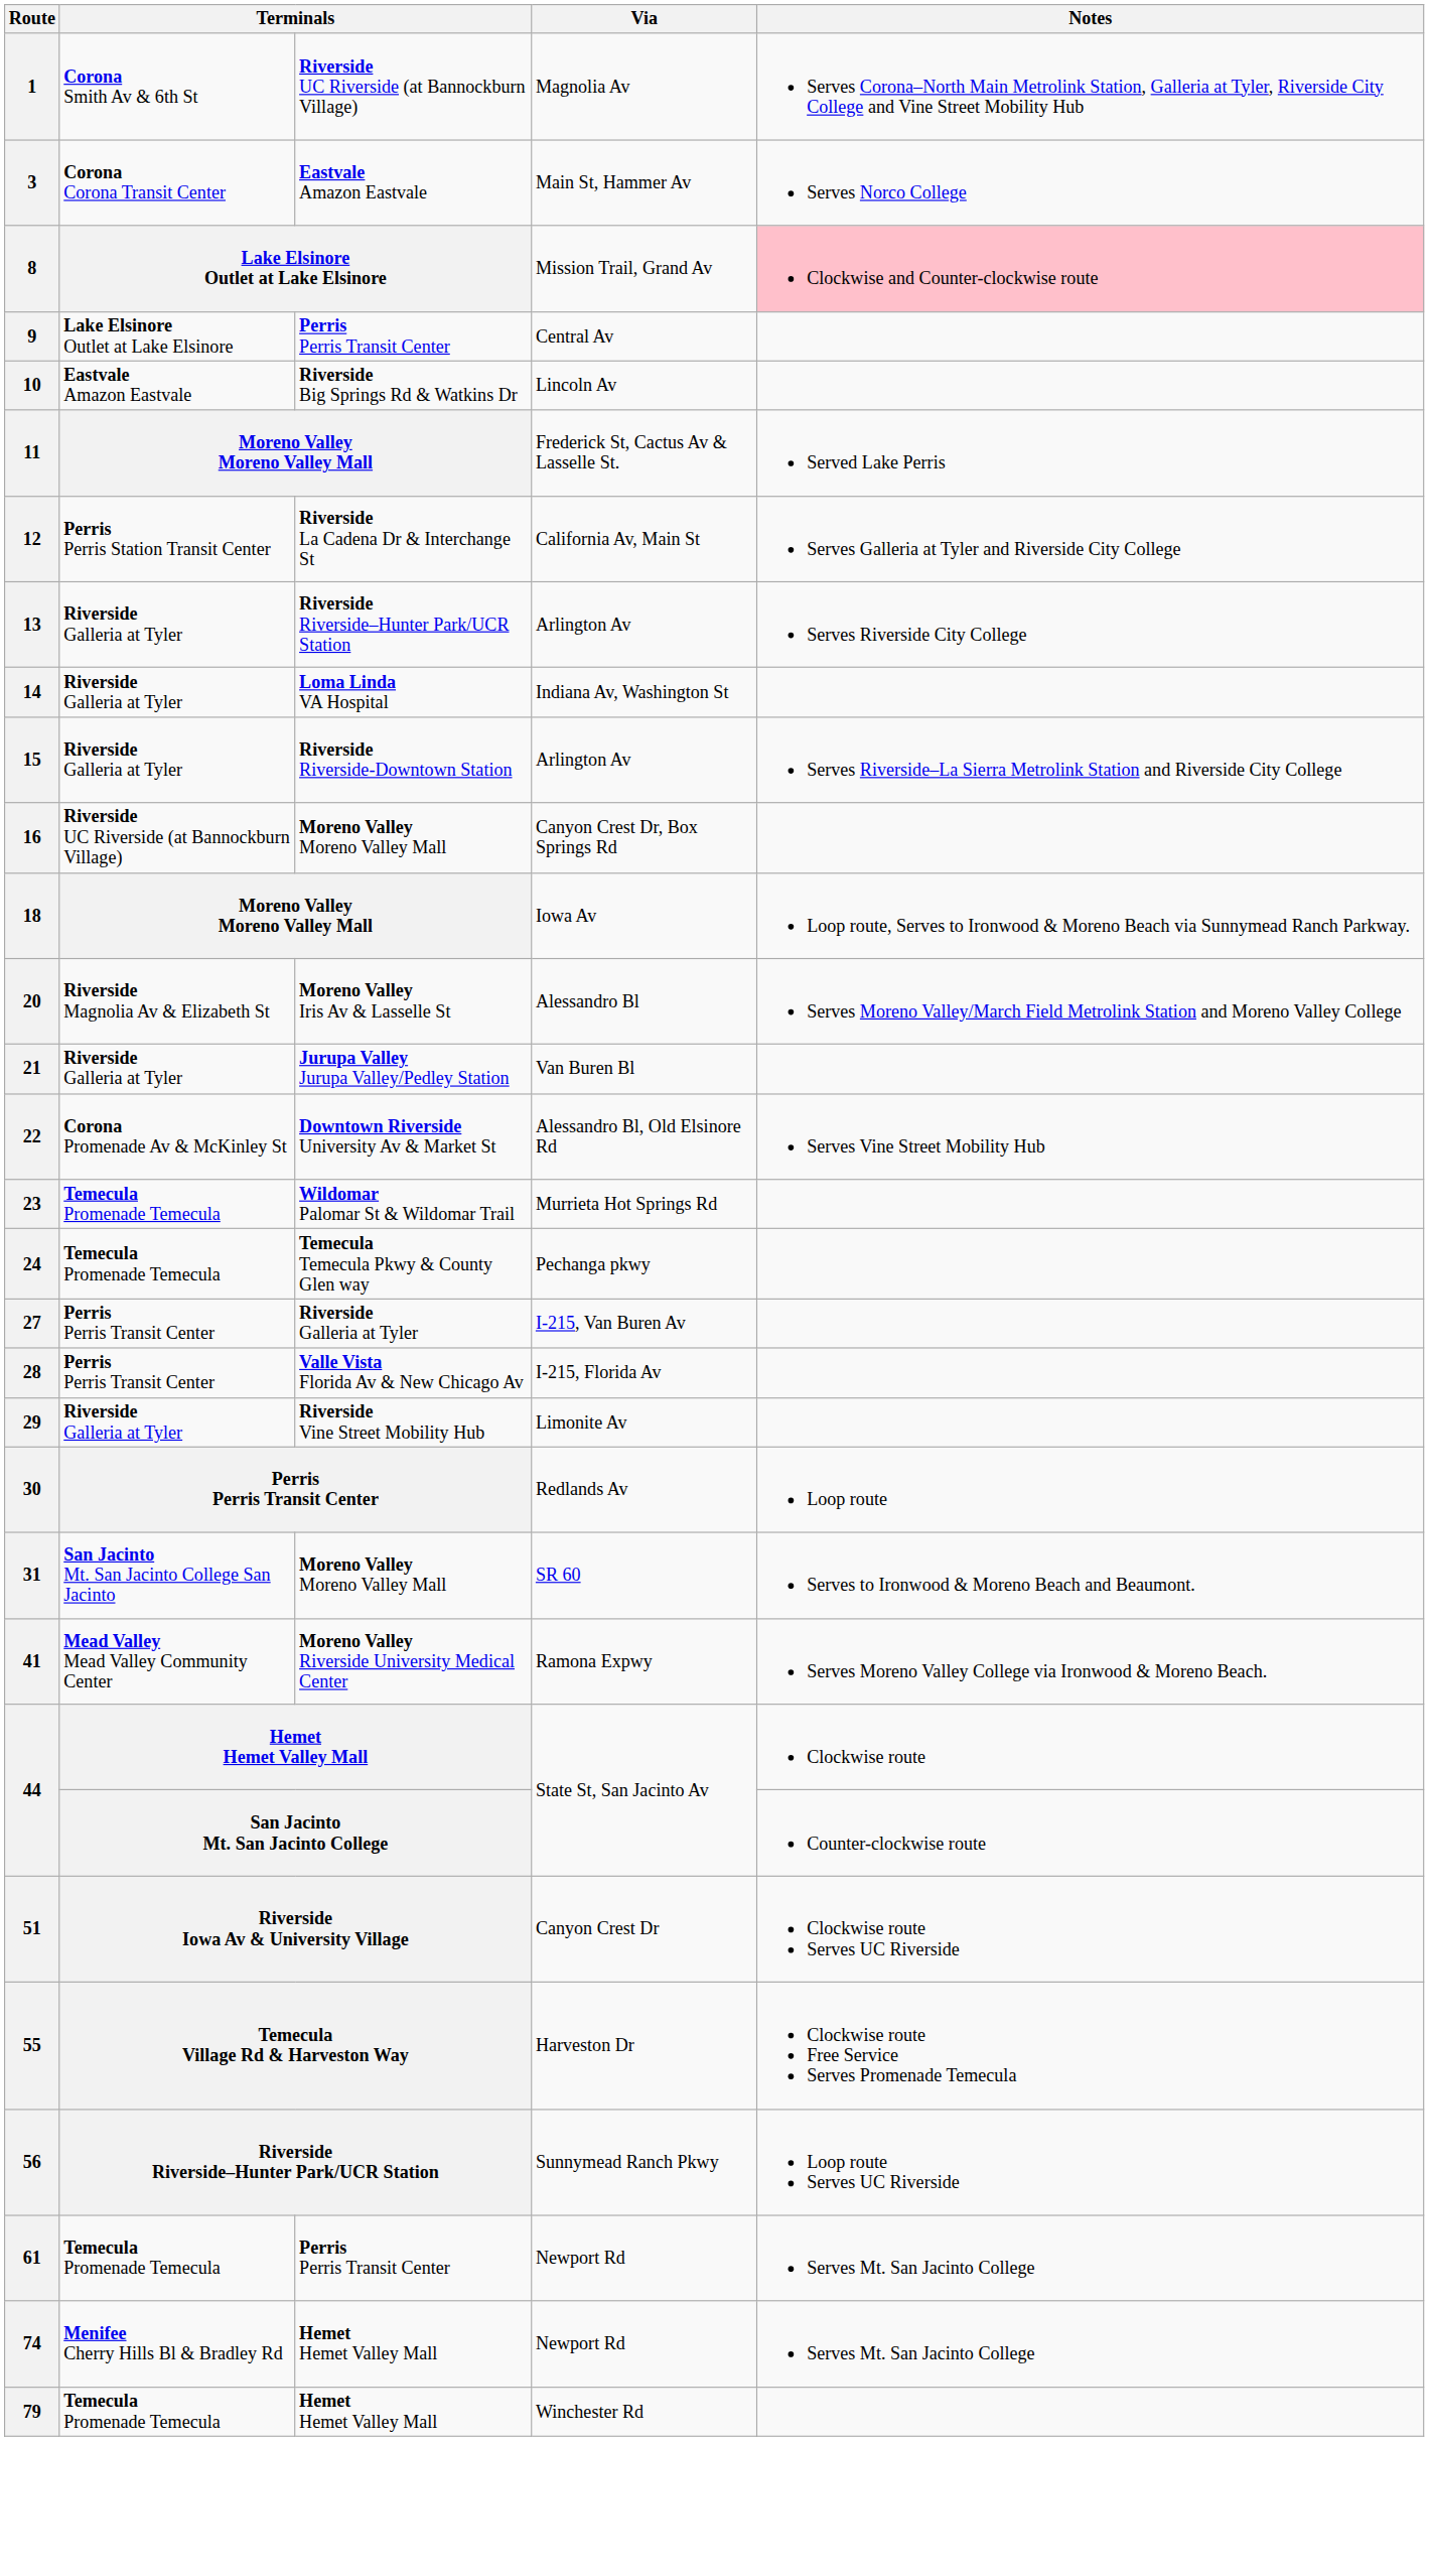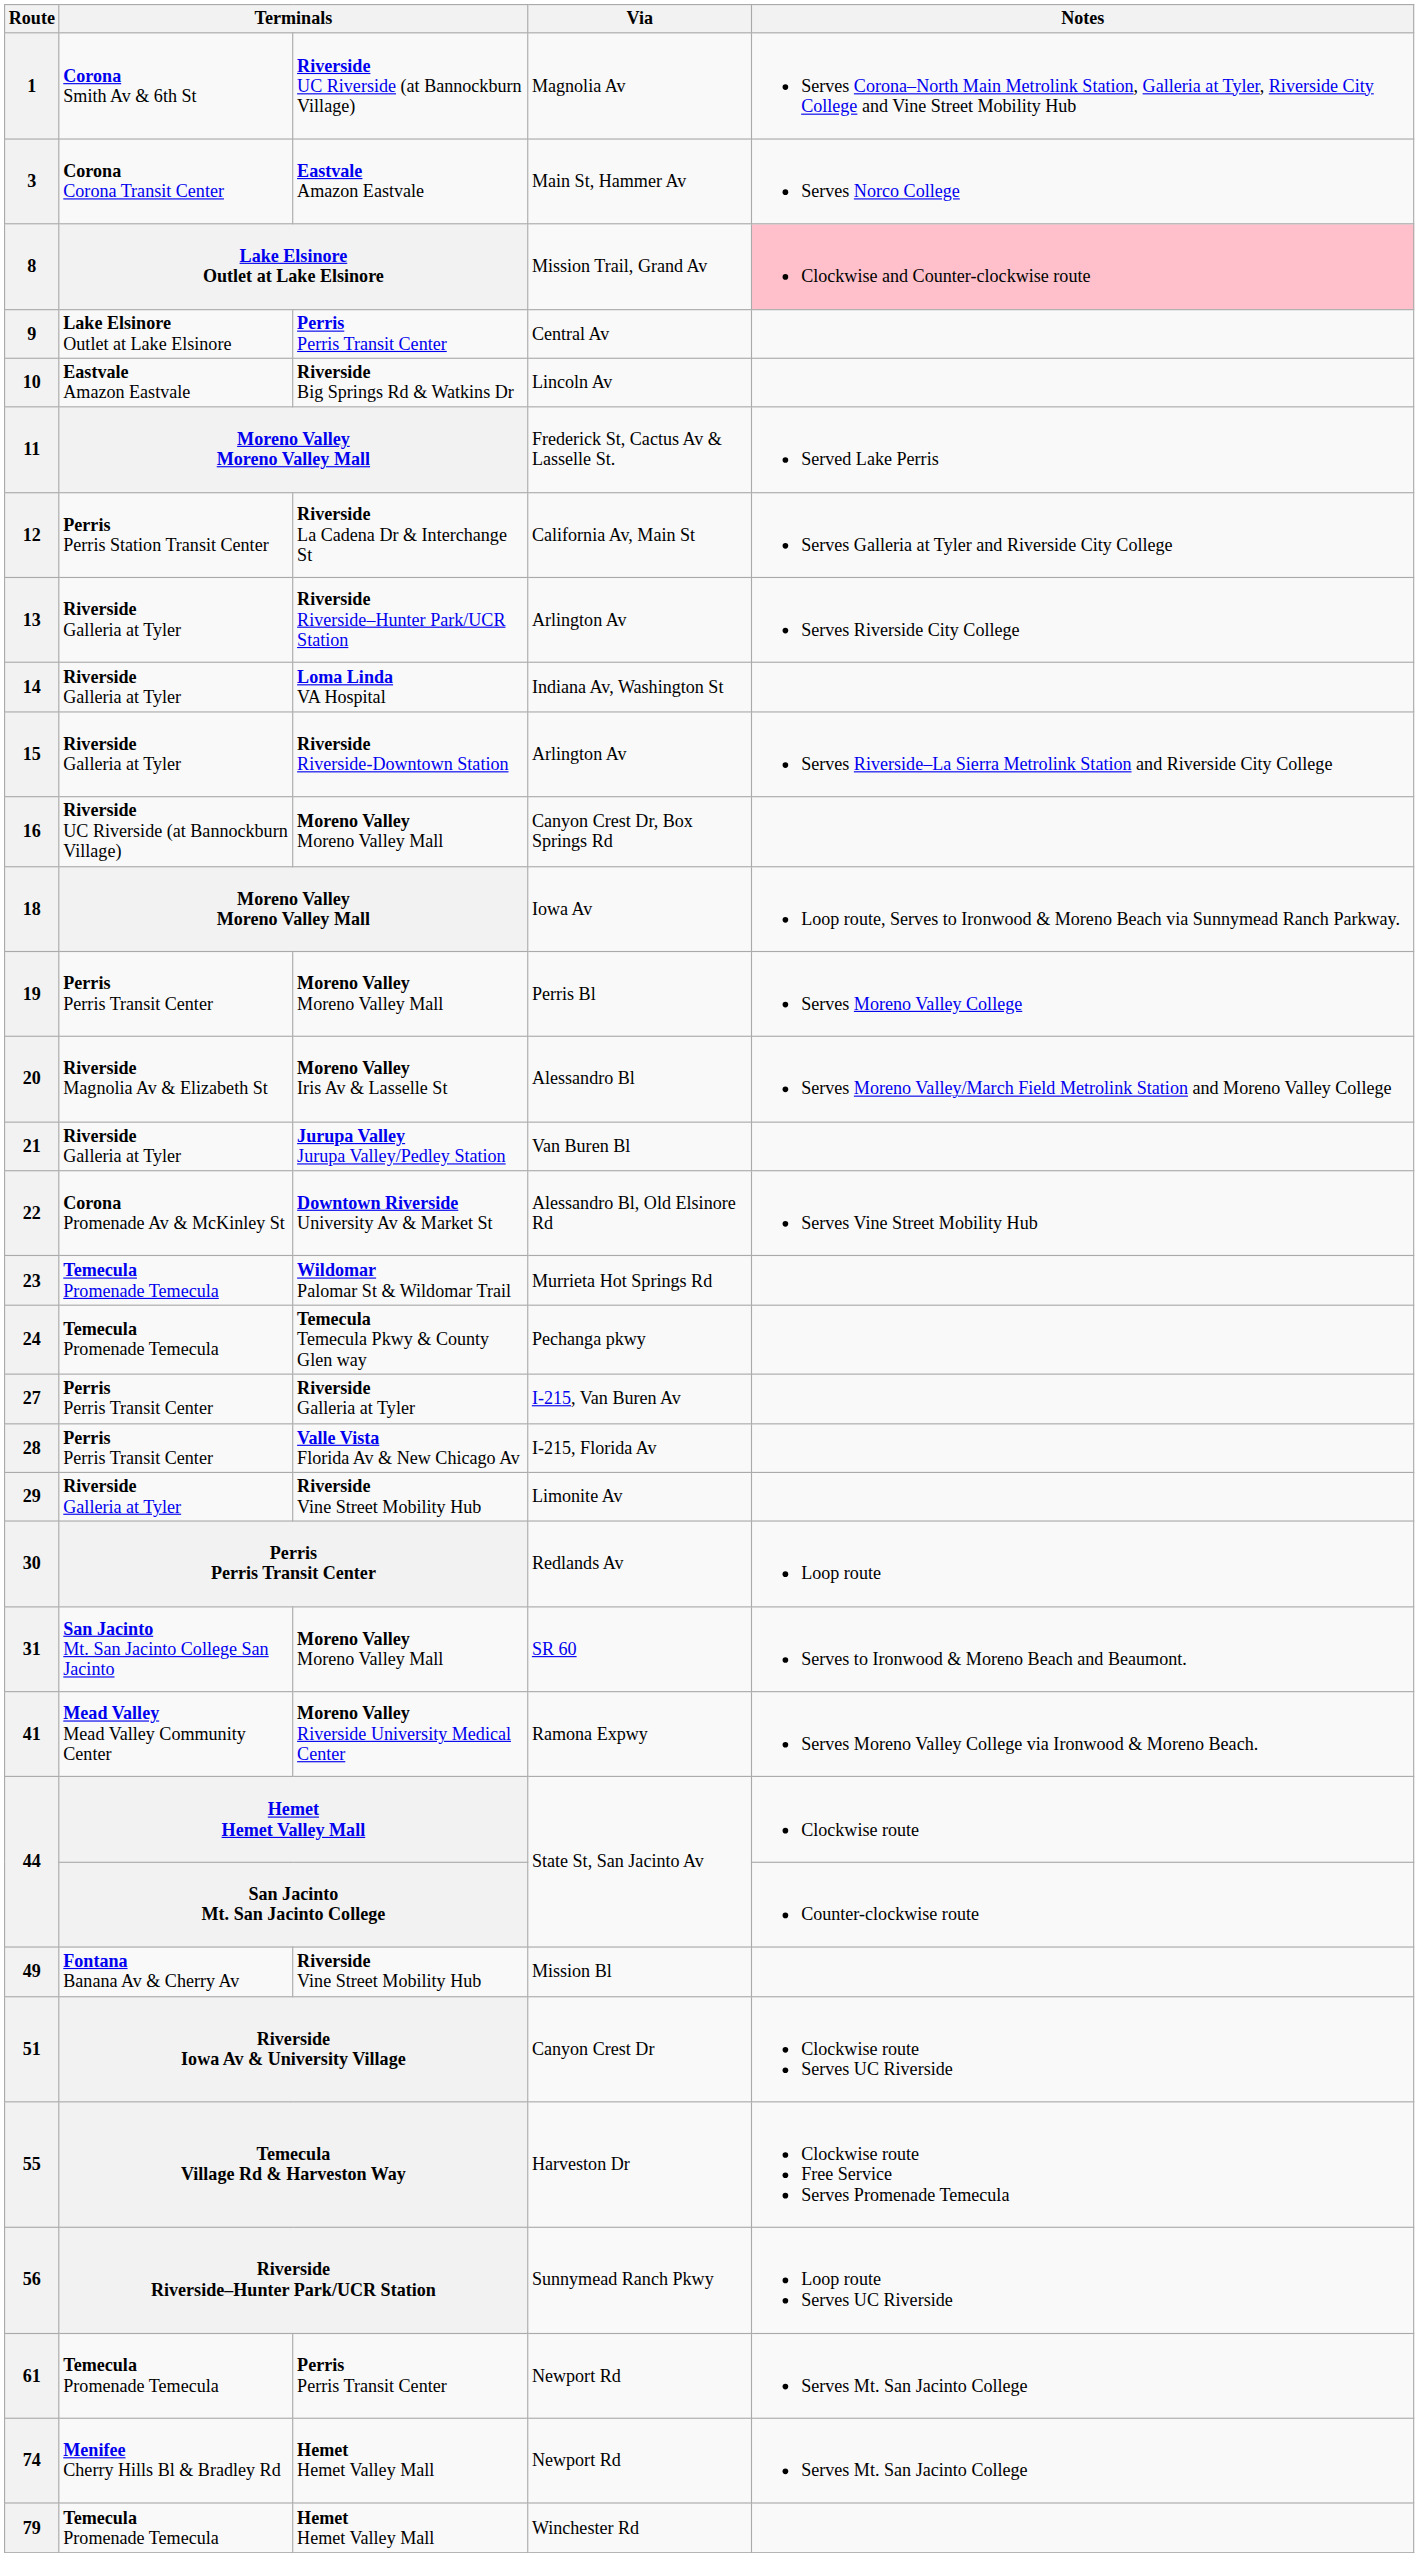 <table class="wikitable">
 <tr>
 <th><strong>Route</strong></th>
 <th colspan="2"><strong>Terminals</strong></th>
 <th>Via</th>
 <th>Notes</th>
 </tr>
 <tr>
 <th>1</th>
 <td><strong><a href='#'>Corona</a></strong><br>Smith Av & 6th St</td>
 <td><a href='#'><strong>Riverside</strong></a><br><a href='#'>UC Riverside</a>  (at Bannockburn Village)</td>
 <td>Magnolia Av</td>
 <td><br><ul><li>Serves <a href='#'>Corona–North Main Metrolink Station</a>, <a href='#'>Galleria at Tyler</a>, <a href='#'>Riverside City College</a> and Vine Street Mobility Hub</li></ul></td>
 </tr>
 <tr>
 <th>3</th>
 <td><strong>Corona</strong><br><a href='#'>Corona Transit Center</a></td>
 <td><a href='#'><strong>Eastvale</strong></a><br>Amazon Eastvale</td>
 <td>Main St, Hammer Av</td>
 <td><br><ul><li>Serves <a href='#'>Norco College</a></li></ul></td>
 </tr>
 <tr>
 <th>8</th>
 <th colspan="2"><a href='#'><strong>Lake Elsinore</strong></a><br>Outlet at Lake Elsinore</th>
 <td>Mission Trail, Grand Av</td>
 <td style="background: pink;"><br><ul><li>Clockwise and Counter-clockwise route</li></ul></td>
 </tr>
 <tr>
 <th>9</th>
 <td><strong>Lake Elsinore</strong><br>Outlet at Lake Elsinore</td>
 <td><strong><a href='#'>Perris</a></strong><br><a href='#'>Perris Transit Center</a></td>
 <td>Central Av</td>
 <td></td>
 </tr>
 <tr>
 <th>10</th>
 <td><strong>Eastvale</strong><br>Amazon Eastvale</td>
 <td><strong>Riverside</strong><br>Big Springs Rd & Watkins Dr</td>
 <td>Lincoln Av</td>
 <td></td>
 </tr>
 <tr>
 <th>11</th>
 <th colspan="2"><strong><a href='#'>Moreno Valley</a></strong><br><a href='#'>Moreno Valley Mall</a></th>
 <td>Frederick St, Cactus Av & Lasselle St.</td>
 <td><br><ul><li>Served Lake Perris</li></ul></td>
 </tr>
 <tr>
 <th>12</th>
 <td><strong>Perris</strong><br>Perris Station Transit Center</td>
 <td><strong>Riverside</strong><br>La Cadena Dr & Interchange St</td>
 <td>California Av, Main St</td>
 <td><br><ul><li>Serves Galleria at Tyler and Riverside City College</li></ul></td>
 </tr>
 <tr>
 <th>13</th>
 <td><strong>Riverside</strong><br>Galleria at Tyler</td>
 <td><strong>Riverside</strong><br><a href='#'>Riverside–Hunter Park/UCR Station</a></td>
 <td>Arlington Av</td>
 <td><br><ul><li>Serves Riverside City College</li></ul></td>
 </tr>
 <tr>
 <th>14</th>
 <td><strong>Riverside</strong><br>Galleria at Tyler</td>
 <td><strong><a href='#'>Loma Linda</a></strong><br>VA Hospital</td>
 <td>Indiana Av, Washington St</td>
 <td></td>
 </tr>
 <tr>
 <th>15</th>
 <td><strong>Riverside</strong><br>Galleria at Tyler</td>
 <td><strong>Riverside</strong><br><a href='#'>Riverside-Downtown Station</a></td>
 <td>Arlington Av</td>
 <td><br><ul><li>Serves <a href='#'>Riverside–La Sierra Metrolink Station</a> and Riverside City College</li></ul></td>
 </tr>
 <tr>
 <th>16</th>
 <td><strong>Riverside</strong><br>UC Riverside  (at Bannockburn Village)</td>
 <td><strong>Moreno Valley</strong><br>Moreno Valley Mall</td>
 <td>Canyon Crest Dr, Box Springs Rd</td>
 <td></td>
 </tr>
 <tr>
 <th>18</th>
 <th colspan="2"><strong>Moreno Valley</strong><br>Moreno Valley Mall</th>
 <td>Iowa Av</td>
 <td><br><ul><li>Loop route, Serves to Ironwood & Moreno Beach via Sunnymead Ranch Parkway.</li></ul></td>
 </tr>
 <tr>
+<th>19</th>
+<td><strong>Perris</strong><br>Perris Transit Center</td>
+<td><strong>Moreno Valley</strong><br>Moreno Valley Mall</td>
+<td>Perris Bl</td>
+<td><br><ul><li>Serves <a href='#'>Moreno Valley College</a></li></ul></td>
+</tr>
+<tr>
 <th>20</th>
 <td><strong>Riverside</strong><br>Magnolia Av & Elizabeth St</td>
 <td><strong>Moreno Valley</strong><br>Iris Av & Lasselle St</td>
 <td>Alessandro Bl</td>
 <td><br><ul><li>Serves <a href='#'>Moreno Valley/March Field Metrolink Station</a> and Moreno Valley College</li></ul></td>
 </tr>
 <tr>
 <th>21</th>
 <td><strong>Riverside</strong><br>Galleria at Tyler</td>
 <td><strong><a href='#'>Jurupa Valley</a></strong><br><a href='#'>Jurupa Valley/Pedley Station</a></td>
 <td>Van Buren Bl</td>
 <td></td>
 </tr>
 <tr>
 <th>22</th>
 <td><strong>Corona</strong><br>Promenade Av & McKinley St</td>
 <td><strong><a href='#'>Downtown Riverside</a></strong><br>University Av & Market St</td>
 <td>Alessandro Bl, Old Elsinore Rd</td>
 <td><br><ul><li>Serves Vine Street Mobility Hub</li></ul></td>
 </tr>
 <tr>
 <th>23</th>
 <td><strong><a href='#'>Temecula</a></strong><br><a href='#'>Promenade Temecula</a></td>
 <td><a href='#'><strong>Wildomar</strong></a><br>Palomar St & Wildomar Trail</td>
 <td>Murrieta Hot Springs Rd</td>
 <td></td>
 </tr>
 <tr>
 <th>24</th>
 <td><strong>Temecula</strong><br>Promenade Temecula</td>
 <td><strong>Temecula</strong><br>Temecula Pkwy & County Glen way</td>
 <td>Pechanga pkwy</td>
 <td></td>
 </tr>
 <tr>
 <th>27</th>
 <td><strong>Perris</strong><br>Perris Transit Center</td>
 <td><strong>Riverside</strong><br>Galleria at Tyler</td>
 <td><a href='#'>I-215</a>, Van Buren Av</td>
 <td></td>
 </tr>
 <tr>
 <th>28</th>
 <td><strong>Perris</strong><br>Perris Transit Center</td>
 <td><a href='#'><strong>Valle Vista</strong></a><br>Florida Av & New Chicago Av</td>
 <td>I-215, Florida Av</td>
 <td></td>
 </tr>
 <tr>
 <th>29</th>
 <td><strong>Riverside</strong><br><a href='#'>Galleria at Tyler</a></td>
 <td><strong>Riverside</strong><br>Vine Street Mobility Hub</td>
 <td>Limonite Av</td>
 <td></td>
 </tr>
 <tr>
 <th>30</th>
 <th colspan="2"><strong>Perris</strong><br>Perris Transit Center</th>
 <td>Redlands Av</td>
 <td><br><ul><li>Loop route</li></ul></td>
 </tr>
 <tr>
 <th>31</th>
 <td><strong><a href='#'>San Jacinto</a></strong><br><a href='#'>Mt. San Jacinto College San Jacinto</a></td>
 <td><strong>Moreno Valley</strong><br>Moreno Valley Mall</td>
 <td><a href='#'>SR 60</a></td>
 <td><br><ul><li>Serves to Ironwood & Moreno Beach and Beaumont.</li></ul></td>
 </tr>
 <tr>
 <th>41</th>
 <td><a href='#'><strong>Mead Valley</strong></a><br>Mead Valley Community Center</td>
 <td><strong>Moreno Valley</strong><br><a href='#'>Riverside University Medical Center</a></td>
 <td>Ramona Expwy</td>
 <td><br><ul><li>Serves Moreno Valley College via Ironwood & Moreno Beach.</li></ul></td>
 </tr>
 <tr>
 <th rowspan="2">44</th>
 <th colspan="2"><a href='#'>Hemet</a><br><a href='#'>Hemet Valley Mall</a></th>
 <td rowspan="2">State St, San Jacinto Av</td>
 <td><br><ul><li>Clockwise route</li></ul></td>
 </tr>
 <tr>
 <th colspan="2"><strong>San Jacinto</strong><br>Mt. San Jacinto College</th>
 <td><br><ul><li>Counter-clockwise route</li></ul></td>
 </tr>
 <tr>
+<th>49</th>
+<td><strong><a href='#'>Fontana</a></strong><br>Banana Av & Cherry Av</td>
+<td><strong>Riverside</strong><br>Vine Street Mobility Hub</td>
+<td>Mission Bl</td>
+<td></td>
+</tr>
+<tr>
 <th>51</th>
 <th colspan="2"><strong>Riverside</strong><br>Iowa Av & University Village</th>
 <td>Canyon Crest Dr</td>
 <td><br><ul><li>Clockwise route</li><li>Serves UC Riverside</li></ul></td>
 </tr>
 <tr>
 <th>55</th>
 <th colspan="2"><strong>Temecula</strong><br><strong>Village</strong> <strong>Rd & Harveston Way</strong></th>
 <td>Harveston Dr</td>
 <td><br><ul><li>Clockwise route</li><li>Free Service</li><li>Serves Promenade Temecula</li></ul></td>
 </tr>
 <tr>
 <th>56</th>
 <th colspan="2"><strong>Riverside</strong><br>Riverside–Hunter Park/UCR Station</th>
 <td>Sunnymead Ranch Pkwy</td>
 <td><br><ul><li>Loop route</li><li>Serves UC Riverside</li></ul></td>
 </tr>
 <tr>
 <th>61</th>
 <td><strong>Temecula</strong><br>Promenade Temecula</td>
 <td><strong>Perris</strong><br>Perris Transit Center</td>
 <td>Newport Rd</td>
 <td><br><ul><li>Serves Mt. San Jacinto College</li></ul></td>
 </tr>
 <tr>
 <th>74</th>
 <td><a href='#'><strong>Menifee</strong></a><br>Cherry Hills Bl & Bradley Rd</td>
 <td><strong>Hemet</strong><br>Hemet Valley Mall</td>
 <td>Newport Rd</td>
 <td><br><ul><li>Serves Mt. San Jacinto College</li></ul></td>
 </tr>
 <tr>
 <th>79</th>
 <td><strong>Temecula</strong><br>Promenade Temecula</td>
 <td><strong>Hemet</strong><br>Hemet Valley Mall</td>
 <td>Winchester Rd</td>
 <td></td>
 </tr>
 </table>
